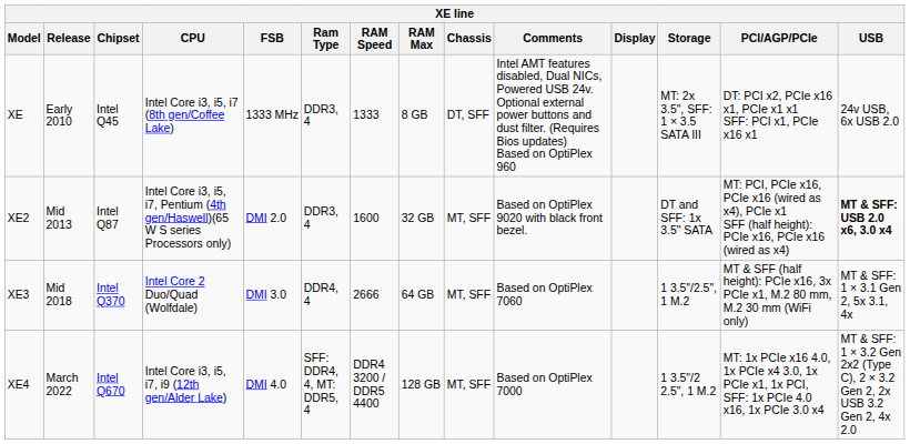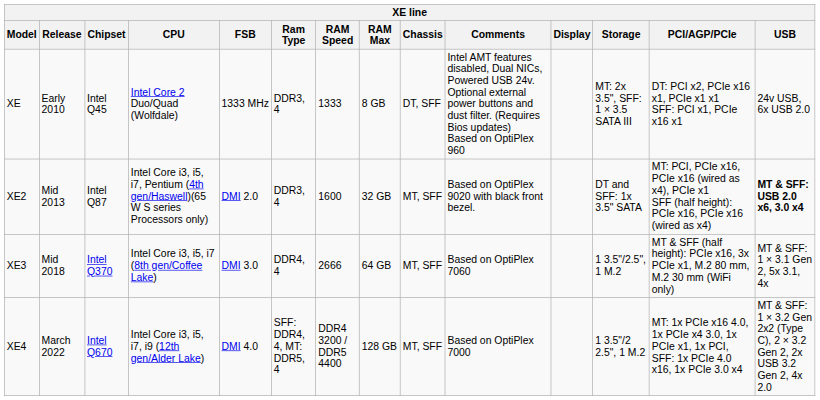 <table class="wikitable">
 <tr>
 <th colspan="14">XE line</th>
 </tr>
 <tr>
 <th>Model</th>
 <th>Release</th>
 <th>Chipset</th>
 <th>CPU</th>
 <th>FSB</th>
 <th>Ram Type</th>
 <th>RAM Speed</th>
 <th>RAM Max</th>
 <th>Chassis</th>
 <th>Comments</th>
 <th>Display</th>
 <th>Storage</th>
 <th>PCI/AGP/PCIe</th>
 <th>USB</th>
 </tr>
 <tr>
 <td>XE</td>
 <td>Early 2010</td>
 <td>Intel Q45</td>
-<td>Intel Core i3, i5, i7 (<a href='#'>8th gen/Coffee Lake</a>)</td>
+<td><a href='#'>Intel Core 2</a> Duo/Quad (Wolfdale)</td>
 <td>1333 MHz</td>
 <td>DDR3, 4</td>
 <td>1333</td>
 <td>8 GB</td>
 <td>DT, SFF</td>
 <td>Intel AMT features disabled, Dual NICs, Powered USB 24v. Optional external power buttons and dust filter. (Requires Bios updates)<br>Based on OptiPlex 960</td>
 <td></td>
 <td>MT: 2x 3.5", SFF: 1 × 3.5 SATA III</td>
 <td>DT: PCI x2, PCIe x16 x1, PCIe x1 x1<br>SFF: PCI x1, PCIe x16 x1</td>
 <td>24v USB, 6x USB 2.0</td>
 </tr>
 <tr>
 <td>XE2</td>
 <td>Mid 2013</td>
 <td>Intel Q87</td>
 <td>Intel Core i3, i5, i7, Pentium (<a href='#'>4th gen/Haswell</a>)(65 W S series Processors only)</td>
 <td><a href='#'>DMI</a> 2.0</td>
 <td>DDR3, 4</td>
 <td>1600</td>
 <td>32 GB</td>
 <td>MT, SFF</td>
 <td>Based on OptiPlex 9020 with black front bezel.</td>
 <td></td>
 <td>DT and SFF: 1x 3.5" SATA</td>
 <td>MT: PCI, PCIe x16, PCIe x16 (wired as x4), PCIe x1<br>SFF (half height): PCIe x16, PCIe x16 (wired as x4)</td>
 <td><strong>MT & SFF: USB 2.0 x6, 3.0 x4</strong></td>
 </tr>
 <tr>
 <td>XE3</td>
 <td>Mid 2018</td>
 <td><a href='#'>Intel Q370</a></td>
-<td><a href='#'>Intel Core 2</a> Duo/Quad (Wolfdale)</td>
+<td>Intel Core i3, i5, i7 (<a href='#'>8th gen/Coffee Lake</a>)</td>
 <td><a href='#'>DMI</a> 3.0</td>
 <td>DDR4, 4</td>
 <td>2666</td>
 <td>64 GB</td>
 <td>MT, SFF</td>
 <td>Based on OptiPlex 7060</td>
 <td></td>
 <td>1 3.5"/2.5", 1 M.2</td>
 <td>MT & SFF (half height): PCIe x16, 3x PCIe x1, M.2 80 mm, M.2 30 mm (WiFi only)</td>
 <td>MT & SFF: 1 × 3.1 Gen 2, 5x 3.1, 4x</td>
 </tr>
 <tr>
 <td>XE4</td>
 <td>March 2022</td>
 <td><a href='#'>Intel Q670</a></td>
 <td>Intel Core i3, i5, i7, i9 (<a href='#'>12th gen/Alder Lake</a>)</td>
 <td><a href='#'>DMI</a> 4.0</td>
 <td>SFF: DDR4, 4, MT: DDR5, 4</td>
 <td>DDR4 3200 / DDR5 4400</td>
 <td>128 GB</td>
 <td>MT, SFF</td>
 <td>Based on OptiPlex 7000</td>
 <td></td>
 <td>1 3.5"/2 2.5", 1 M.2</td>
 <td>MT: 1x PCIe x16 4.0, 1x PCIe x4 3.0, 1x PCIe x1, 1x PCI, SFF: 1x PCIe 4.0 x16, 1x PCIe 3.0 x4</td>
 <td>MT & SFF: 1 × 3.2 Gen 2x2 (Type C), 2 × 3.2 Gen 2, 2x USB 3.2 Gen 2, 4x 2.0</td>
 </tr>
 </table>
